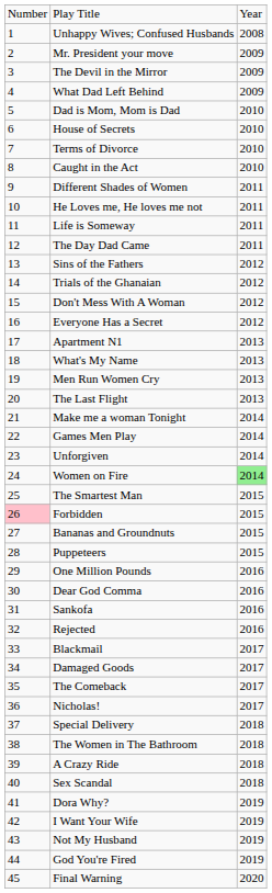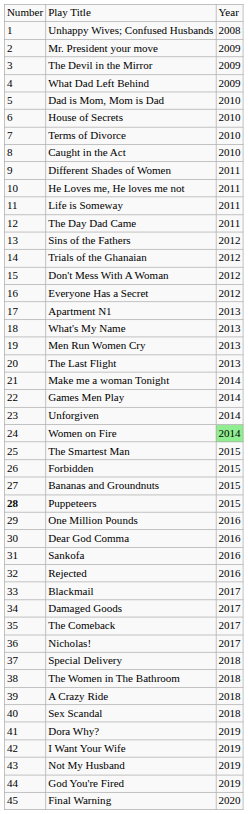 <table class="wikitable">
 <tr>
 <td>Number</td>
 <td>Play Title</td>
 <td>Year</td>
 </tr>
 <tr>
 <td>1</td>
 <td>Unhappy Wives; Confused Husbands</td>
 <td>2008</td>
 </tr>
 <tr>
 <td>2</td>
 <td>Mr. President your move</td>
 <td>2009</td>
 </tr>
 <tr>
 <td>3</td>
 <td>The Devil in the Mirror</td>
 <td>2009</td>
 </tr>
 <tr>
 <td>4</td>
 <td>What Dad Left Behind</td>
 <td>2009</td>
 </tr>
 <tr>
 <td>5</td>
 <td>Dad is Mom, Mom is Dad</td>
 <td>2010</td>
 </tr>
 <tr>
 <td>6</td>
 <td>House of Secrets</td>
 <td>2010</td>
 </tr>
 <tr>
 <td>7</td>
 <td>Terms of Divorce</td>
 <td>2010</td>
 </tr>
 <tr>
 <td>8</td>
 <td>Caught in the Act</td>
 <td>2010</td>
 </tr>
 <tr>
 <td>9</td>
 <td>Different Shades of Women</td>
 <td>2011</td>
 </tr>
 <tr>
 <td>10</td>
 <td>He Loves me, He loves me not</td>
 <td>2011</td>
 </tr>
 <tr>
 <td>11</td>
 <td>Life is Someway</td>
 <td>2011</td>
 </tr>
 <tr>
 <td>12</td>
 <td>The Day Dad Came</td>
 <td>2011</td>
 </tr>
 <tr>
 <td>13</td>
 <td>Sins of the Fathers</td>
 <td>2012</td>
 </tr>
 <tr>
 <td>14</td>
 <td>Trials of the Ghanaian</td>
 <td>2012</td>
 </tr>
 <tr>
 <td>15</td>
 <td>Don't Mess With A Woman</td>
 <td>2012</td>
 </tr>
 <tr>
 <td>16</td>
 <td>Everyone Has a Secret</td>
 <td>2012</td>
 </tr>
 <tr>
 <td>17</td>
 <td>Apartment N1</td>
 <td>2013</td>
 </tr>
 <tr>
 <td>18</td>
 <td>What's My Name</td>
 <td>2013</td>
 </tr>
 <tr>
 <td>19</td>
 <td>Men Run Women Cry</td>
 <td>2013</td>
 </tr>
 <tr>
 <td>20</td>
 <td>The Last Flight</td>
 <td>2013</td>
 </tr>
 <tr>
 <td>21</td>
 <td>Make me a woman Tonight</td>
 <td>2014</td>
 </tr>
 <tr>
 <td>22</td>
 <td>Games Men Play</td>
 <td>2014</td>
 </tr>
 <tr>
 <td>23</td>
 <td>Unforgiven</td>
 <td>2014</td>
 </tr>
 <tr>
 <td>24</td>
 <td>Women on Fire</td>
 <td style="background: lightgreen;">2014</td>
 </tr>
 <tr>
 <td>25</td>
 <td>The Smartest Man</td>
 <td>2015</td>
 </tr>
 <tr>
-<td style="background: pink;">26</td>
+<td>26</td>
 <td>Forbidden</td>
 <td>2015</td>
 </tr>
 <tr>
 <td>27</td>
 <td>Bananas and Groundnuts</td>
 <td>2015</td>
 </tr>
 <tr>
-<td>28</td>
+<td><strong>28</strong></td>
 <td>Puppeteers</td>
 <td>2015</td>
 </tr>
 <tr>
 <td>29</td>
 <td>One Million Pounds</td>
 <td>2016</td>
 </tr>
 <tr>
 <td>30</td>
 <td>Dear God Comma</td>
 <td>2016</td>
 </tr>
 <tr>
 <td>31</td>
 <td>Sankofa</td>
 <td>2016</td>
 </tr>
 <tr>
 <td>32</td>
 <td>Rejected</td>
 <td>2016</td>
 </tr>
 <tr>
 <td>33</td>
 <td>Blackmail</td>
 <td>2017</td>
 </tr>
 <tr>
 <td>34</td>
 <td>Damaged Goods</td>
 <td>2017</td>
 </tr>
 <tr>
 <td>35</td>
 <td>The Comeback</td>
 <td>2017</td>
 </tr>
 <tr>
 <td>36</td>
 <td>Nicholas!</td>
 <td>2017</td>
 </tr>
 <tr>
 <td>37</td>
 <td>Special Delivery</td>
 <td>2018</td>
 </tr>
 <tr>
 <td>38</td>
 <td>The Women in The Bathroom</td>
 <td>2018</td>
 </tr>
 <tr>
 <td>39</td>
 <td>A Crazy Ride</td>
 <td>2018</td>
 </tr>
 <tr>
 <td>40</td>
 <td>Sex Scandal</td>
 <td>2018</td>
 </tr>
 <tr>
 <td>41</td>
 <td>Dora Why?</td>
 <td>2019</td>
 </tr>
 <tr>
 <td>42</td>
 <td>I Want Your Wife</td>
 <td>2019</td>
 </tr>
 <tr>
 <td>43</td>
 <td>Not My Husband</td>
 <td>2019</td>
 </tr>
 <tr>
 <td>44</td>
 <td>God You're Fired</td>
 <td>2019</td>
 </tr>
 <tr>
 <td>45</td>
 <td>Final Warning</td>
 <td>2020</td>
 </tr>
 </table>
